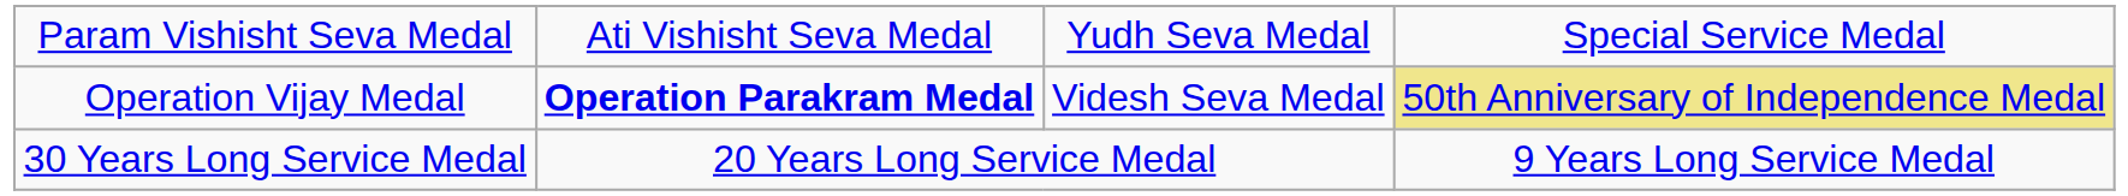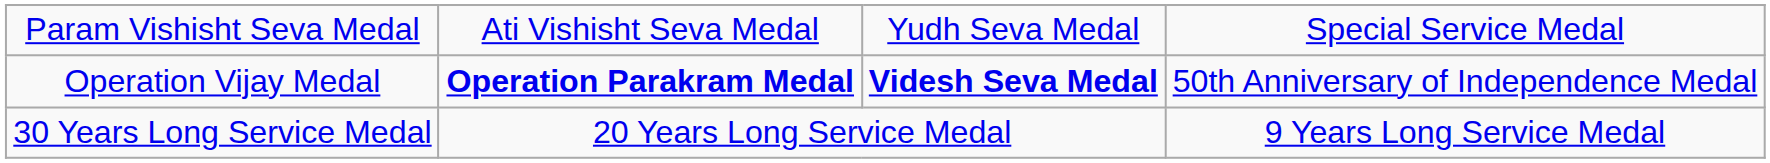 <table class="wikitable" style="margin:1em auto; text-align:center;">
 <tr>
 <td><a href='#'>Param Vishisht Seva Medal</a></td>
 <td><a href='#'>Ati Vishisht Seva Medal</a></td>
 <td><a href='#'>Yudh Seva Medal</a></td>
 <td><a href='#'>Special Service Medal</a></td>
 </tr>
 <tr>
 <td><a href='#'>Operation Vijay Medal</a></td>
 <td><strong><a href='#'>Operation Parakram Medal</a></strong></td>
-<td><a href='#'>Videsh Seva Medal</a></td>
-<td style="background: khaki;"><a href='#'>50th Anniversary of Independence Medal</a></td>
+<td><strong><a href='#'>Videsh Seva Medal</a></strong></td>
+<td><a href='#'>50th Anniversary of Independence Medal</a></td>
 </tr>
 <tr>
 <td colspan="1"><a href='#'>30 Years Long Service Medal</a></td>
 <td colspan="2"><a href='#'>20 Years Long Service Medal</a></td>
 <td colspan="1"><a href='#'>9 Years Long Service Medal</a></td>
 </tr>
 </table>
